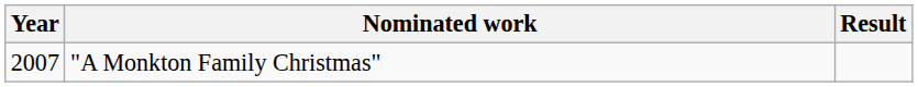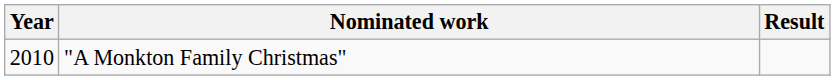 <table class="wikitable sortable plainrowheaders" style="margin-right: 0;">
 <tr>
 <th width="30”">Year</th>
 <th width="500">Nominated work</th>
 <th width="30">Result</th>
 </tr>
 <tr>
-<td scope="row">2007</td>
+<td scope="row">2010</td>
 <td>"A Monkton Family Christmas"</td>
 <td></td>
 </tr>
 </table>
